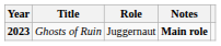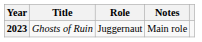 <table class="wikitable sortable plainrowheaders">
 <tr>
 <th scope="col">Year</th>
 <th scope="col">Title</th>
 <th scope="col">Role</th>
 <th scope="col">Notes</th>
 <th scope="col" class="unsortable"></th>
 </tr>
 <tr>
 <th scope="row" rowspan="2">2023</th>
 <td><em>Ghosts of Ruin</em></td>
 <td rowspan="3">Juggernaut</td>
-<td><strong>Main role</strong></td>
+<td>Main role</td>
 <td></td>
 </tr>
 </table>
